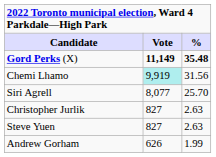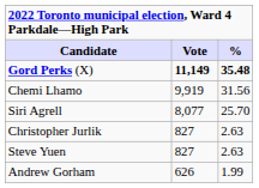 <table class="wikitable">
 <tr>
 <td colspan="3"><strong><a href='#'>2022 Toronto municipal election</a>, Ward 4 Parkdale—High Park</strong></td>
 </tr>
 <tr>
 <th style="background:#ddf; width:200px;">Candidate</th>
 <th style="background:#ddf; width:50px;">Vote</th>
 <th style="background:#ddf; width:30px;">%</th>
 </tr>
 <tr>
 <td><strong><a href='#'>Gord Perks</a></strong> (X)</td>
 <td><strong>11,149</strong></td>
 <td><strong>35.48</strong></td>
 </tr>
 <tr>
 <td>Chemi Lhamo</td>
-<td style="background: paleturquoise;">9,919</td>
+<td>9,919</td>
 <td>31.56</td>
 </tr>
 <tr>
 <td>Siri Agrell</td>
 <td>8,077</td>
 <td>25.70</td>
 </tr>
 <tr>
 <td>Christopher Jurlik</td>
 <td>827</td>
 <td>2.63</td>
 </tr>
 <tr>
 <td>Steve Yuen</td>
 <td>827</td>
 <td>2.63</td>
 </tr>
 <tr>
 <td>Andrew Gorham</td>
 <td>626</td>
 <td>1.99</td>
 </tr>
 </table>
